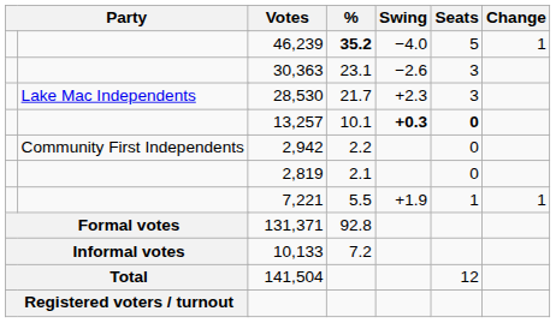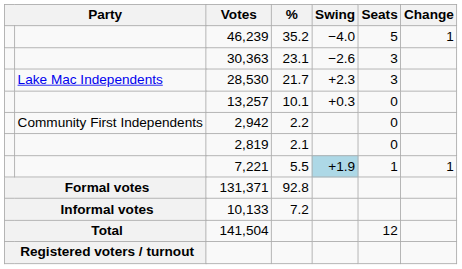 <table class="wikitable" style="text-align:right; margin-bottom:0">
 <tr>
 <th style="width:10px" colspan=3>Party</th>
 <th style="width:70px;">Votes</th>
 <th style="width:40px;">%</th>
 <th style="width:40px;">Swing</th>
 <th style="width:40px;">Seats</th>
 <th style="width:40px;">Change</th>
 </tr>
 <tr>
 <td> </td>
 <td style="text-align:left;" colspan="2"></td>
 <td>46,239</td>
-<td><strong>35.2</strong></td>
+<td>35.2</td>
 <td>−4.0</td>
 <td>5</td>
 <td> 1</td>
 </tr>
 <tr>
 <td> </td>
 <td style="text-align:left;" colspan="2"></td>
 <td>30,363</td>
 <td>23.1</td>
 <td>−2.6</td>
 <td>3</td>
 <td></td>
 </tr>
 <tr>
 <td> </td>
 <td style="text-align:left;" colspan="2"><a href='#'>Lake Mac Independents</a></td>
 <td>28,530</td>
 <td>21.7</td>
 <td>+2.3</td>
 <td>3</td>
 <td></td>
 </tr>
 <tr>
 <td> </td>
 <td style="text-align:left;" colspan="2"></td>
 <td>13,257</td>
 <td>10.1</td>
-<td><strong>+0.3</strong></td>
-<td><strong>0</strong></td>
+<td>+0.3</td>
+<td>0</td>
 <td></td>
 </tr>
 <tr>
 <td> </td>
 <td style="text-align:left;" colspan="2">Community First Independents</td>
 <td>2,942</td>
 <td>2.2</td>
 <td></td>
 <td>0</td>
 <td></td>
 </tr>
 <tr>
 <td> </td>
 <td style="text-align:left;" colspan="2"></td>
 <td>2,819</td>
 <td>2.1</td>
 <td></td>
 <td>0</td>
 <td></td>
 </tr>
 <tr>
 <td> </td>
 <td style="text-align:left;" colspan="2"></td>
 <td>7,221</td>
 <td>5.5</td>
-<td>+1.9</td>
+<td style="background: lightblue;">+1.9</td>
 <td>1</td>
 <td> 1</td>
 </tr>
 <tr>
 <th colspan="3" rowspan="1"> Formal votes</th>
 <td>131,371</td>
 <td>92.8</td>
 <td></td>
 <td></td>
 <td></td>
 </tr>
 <tr>
 <th colspan="3" rowspan="1"> Informal votes</th>
 <td>10,133</td>
 <td>7.2</td>
 <td></td>
 <td></td>
 <td></td>
 </tr>
 <tr>
 <th colspan="3" rowspan="1"> <strong>Total </strong></th>
 <td>141,504</td>
 <td></td>
 <td></td>
 <td>12</td>
 <td></td>
 </tr>
 <tr>
 <th colspan="3" rowspan="1"> Registered voters / turnout</th>
 <td></td>
 <td></td>
 <td></td>
 <td></td>
 <td></td>
 </tr>
 </table>
